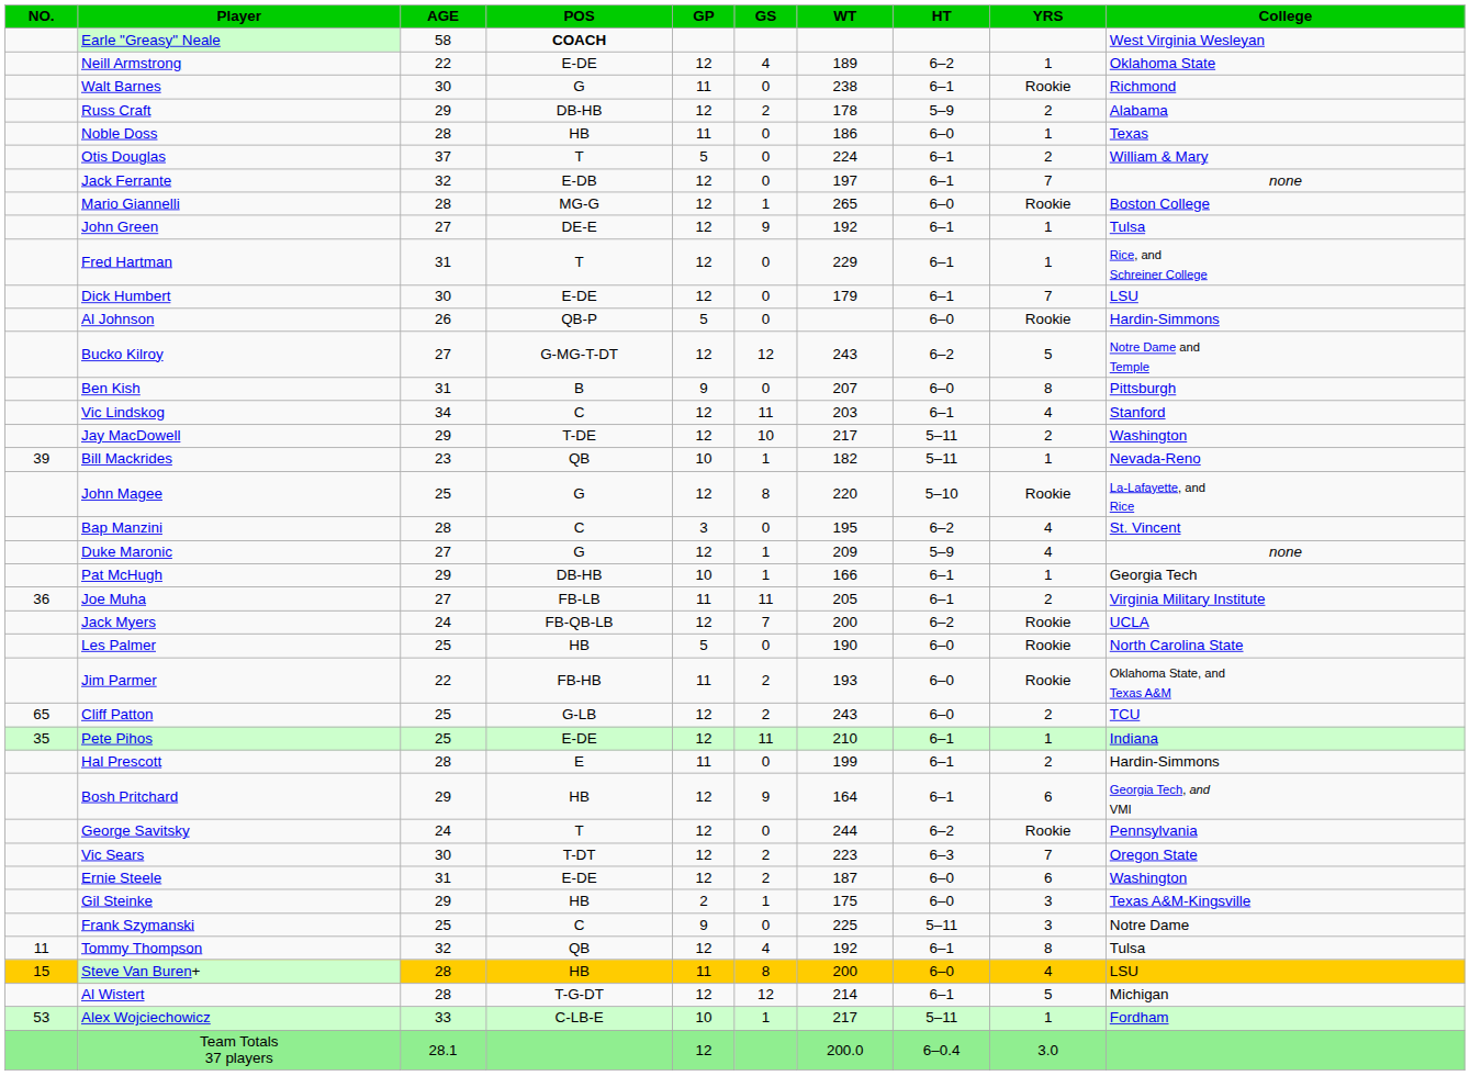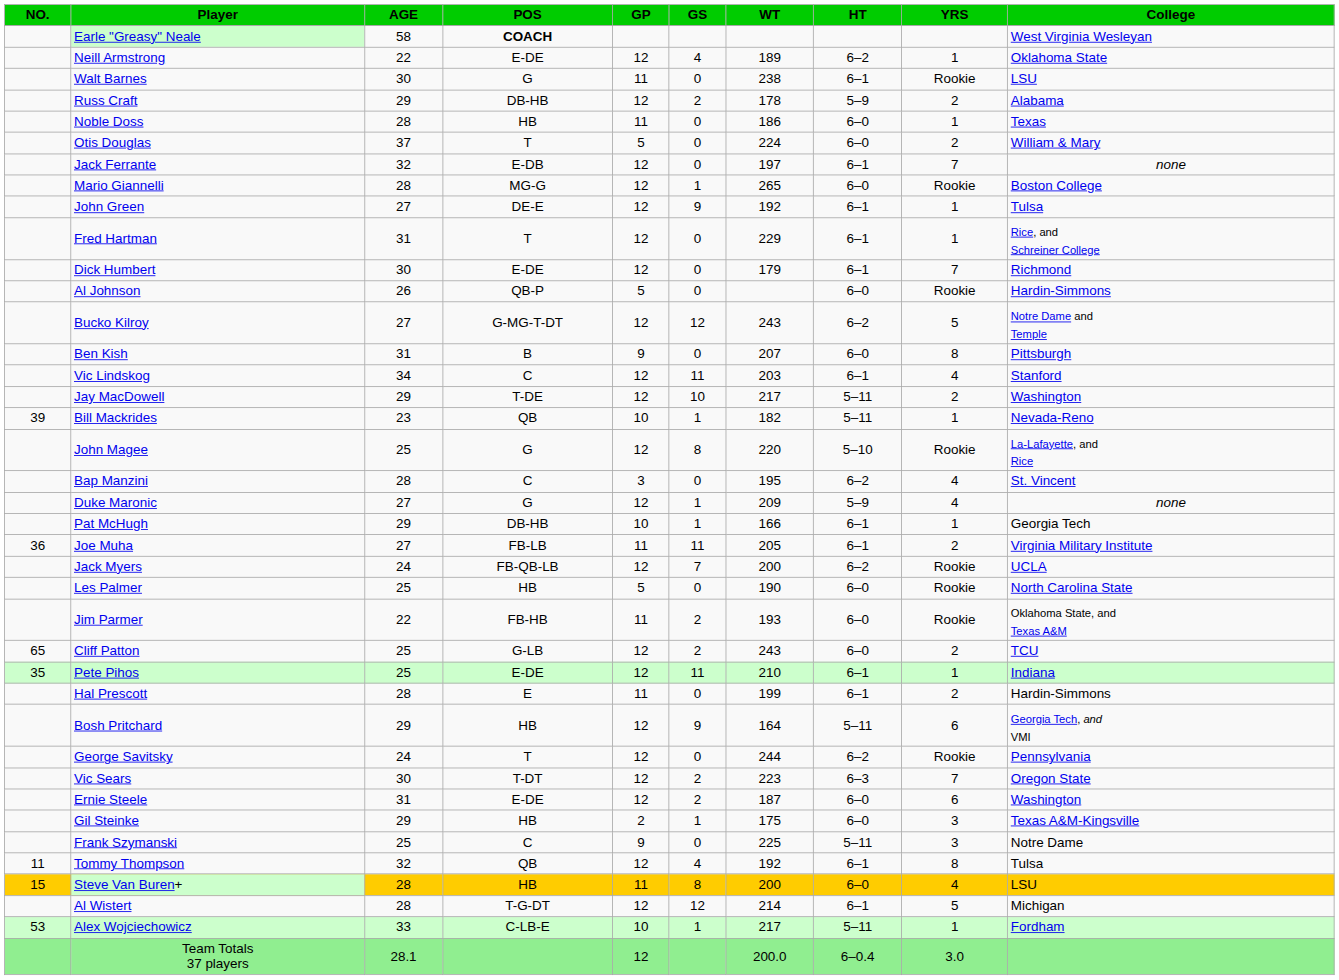 <table class="wikitable sortable sortable" style="width:100%">
 <tr>
 <th style="background:#00cc00;" width=5%>NO.</th>
 <th !width=20% style="background:#00cc00;">Player</th>
 <th !width=4% style="background:#00cc00;">AGE</th>
 <th !width=6% style="background:#00cc00;">POS</th>
 <th !width=2% style="background:#00cc00;">GP</th>
 <th !width=1% style="background:#00cc00;">GS</th>
 <th !width=4% style="background:#00cc00;">WT</th>
 <th !width=4% style="background:#00cc00;">HT</th>
 <th !width=4% style="background:#00cc00;">YRS</th>
 <th !width=20% style="background:#00cc00;">College</th>
 </tr>
 <tr>
 </tr>
 <tr align=center>
 <td></td>
 <td - align=left bgcolor="#CCFFCC"><a href='#'>Earle "Greasy" Neale</a></td>
 <td>58</td>
 <td><strong>COACH</strong></td>
 <td></td>
 <td></td>
 <td></td>
 <td></td>
 <td></td>
 <td - align=left><a href='#'>West Virginia Wesleyan</a></td>
 </tr>
 <tr align=center>
 <td></td>
 <td - align=left><a href='#'>Neill Armstrong</a></td>
 <td>22</td>
 <td>E-DE</td>
 <td>12</td>
 <td>4</td>
 <td>189</td>
 <td>6–2</td>
 <td>1</td>
 <td - align=left><a href='#'>Oklahoma State</a></td>
 </tr>
 <tr align=center>
 <td></td>
 <td - align=left><a href='#'>Walt Barnes</a></td>
 <td>30</td>
 <td>G</td>
 <td>11</td>
 <td>0</td>
 <td>238</td>
 <td>6–1</td>
 <td>Rookie</td>
-<td - align=left><a href='#'>Richmond</a></td>
+<td - align=left><a href='#'>LSU</a></td>
 </tr>
 <tr align=center>
 <td></td>
 <td - align=left><a href='#'>Russ Craft</a></td>
 <td>29</td>
 <td>DB-HB</td>
 <td>12</td>
 <td>2</td>
 <td>178</td>
 <td>5–9</td>
 <td>2</td>
 <td - align=left><a href='#'>Alabama</a></td>
 </tr>
 <tr align=center>
 <td></td>
 <td - align=left><a href='#'>Noble Doss</a></td>
 <td>28</td>
 <td>HB</td>
 <td>11</td>
 <td>0</td>
 <td>186</td>
 <td>6–0</td>
 <td>1</td>
 <td - align=left><a href='#'>Texas</a></td>
 </tr>
 <tr align=center>
 <td></td>
 <td - align=left><a href='#'>Otis Douglas</a></td>
 <td>37</td>
 <td>T</td>
 <td>5</td>
 <td>0</td>
 <td>224</td>
-<td>6–1</td>
+<td>6–0</td>
 <td>2</td>
 <td - align=left><a href='#'>William & Mary</a></td>
 </tr>
 <tr align=center>
 <td></td>
 <td - align=left><a href='#'>Jack Ferrante</a></td>
 <td>32</td>
 <td>E-DB</td>
 <td>12</td>
 <td>0</td>
 <td>197</td>
 <td>6–1</td>
 <td>7</td>
 <td><em>none</em></td>
 </tr>
 <tr align=center>
 <td></td>
 <td - align=left><a href='#'>Mario Giannelli</a></td>
 <td>28</td>
 <td>MG-G</td>
 <td>12</td>
 <td>1</td>
 <td>265</td>
 <td>6–0</td>
 <td>Rookie</td>
 <td - align=left><a href='#'>Boston College</a></td>
 </tr>
 <tr align=center>
 <td></td>
 <td - align=left><a href='#'>John Green</a></td>
 <td>27</td>
 <td>DE-E</td>
 <td>12</td>
 <td>9</td>
 <td>192</td>
 <td>6–1</td>
 <td>1</td>
 <td - align=left><a href='#'>Tulsa</a></td>
 </tr>
 <tr align=center>
 <td></td>
 <td - align=left><a href='#'>Fred Hartman</a></td>
 <td>31</td>
 <td>T</td>
 <td>12</td>
 <td>0</td>
 <td>229</td>
 <td>6–1</td>
 <td>1</td>
 <td - align=left><sub><a href='#'>Rice</a>, and <br> <a href='#'>Schreiner College</a> </sub></td>
 </tr>
 <tr align=center>
 <td></td>
 <td - align=left><a href='#'>Dick Humbert</a></td>
 <td>30</td>
 <td>E-DE</td>
 <td>12</td>
 <td>0</td>
 <td>179</td>
 <td>6–1</td>
 <td>7</td>
-<td - align=left><a href='#'>LSU</a></td>
+<td - align=left><a href='#'>Richmond</a></td>
 </tr>
 <tr align=center>
 <td></td>
 <td - align=left><a href='#'>Al Johnson</a></td>
 <td>26</td>
 <td>QB-P</td>
 <td>5</td>
 <td>0</td>
 <td></td>
 <td>6–0</td>
 <td>Rookie</td>
 <td - align=left><a href='#'>Hardin-Simmons</a></td>
 </tr>
 <tr align=center>
 <td></td>
 <td - align=left><a href='#'>Bucko Kilroy</a></td>
 <td>27</td>
 <td>G-MG-T-DT</td>
 <td>12</td>
 <td>12</td>
 <td>243</td>
 <td>6–2</td>
 <td>5</td>
 <td - align=left><sub> <a href='#'>Notre Dame</a> and <br> <a href='#'>Temple</a> </sub></td>
 </tr>
 <tr align=center>
 <td></td>
 <td - align=left><a href='#'>Ben Kish</a></td>
 <td>31</td>
 <td>B</td>
 <td>9</td>
 <td>0</td>
 <td>207</td>
 <td>6–0</td>
 <td>8</td>
 <td - align=left><a href='#'>Pittsburgh</a></td>
 </tr>
 <tr align=center>
 <td></td>
 <td - align=left><a href='#'>Vic Lindskog</a></td>
 <td>34</td>
 <td>C</td>
 <td>12</td>
 <td>11</td>
 <td>203</td>
 <td>6–1</td>
 <td>4</td>
 <td - align=left><a href='#'>Stanford</a></td>
 </tr>
 <tr align=center>
 <td></td>
 <td - align=left><a href='#'>Jay MacDowell</a></td>
 <td>29</td>
 <td>T-DE</td>
 <td>12</td>
 <td>10</td>
 <td>217</td>
 <td>5–11</td>
 <td>2</td>
 <td - align=left><a href='#'>Washington</a></td>
 </tr>
 <tr align=center>
 <td>39</td>
 <td - align=left><a href='#'>Bill Mackrides</a></td>
 <td>23</td>
 <td>QB</td>
 <td>10</td>
 <td>1</td>
 <td>182</td>
 <td>5–11</td>
 <td>1</td>
 <td - align=left><a href='#'>Nevada-Reno</a></td>
 </tr>
 <tr align=center>
 <td></td>
 <td - align=left><a href='#'>John Magee</a></td>
 <td>25</td>
 <td>G</td>
 <td>12</td>
 <td>8</td>
 <td>220</td>
 <td>5–10</td>
 <td>Rookie</td>
 <td - align=left><sub><a href='#'>La-Lafayette</a>, and <br><a href='#'>Rice</a> </sub></td>
 </tr>
 <tr align=center>
 <td></td>
 <td - align=left><a href='#'>Bap Manzini</a></td>
 <td>28</td>
 <td>C</td>
 <td>3</td>
 <td>0</td>
 <td>195</td>
 <td>6–2</td>
 <td>4</td>
 <td - align=left><a href='#'>St. Vincent</a></td>
 </tr>
 <tr align=center>
 <td></td>
 <td - align=left><a href='#'>Duke Maronic</a></td>
 <td>27</td>
 <td>G</td>
 <td>12</td>
 <td>1</td>
 <td>209</td>
 <td>5–9</td>
 <td>4</td>
 <td><em>none</em></td>
 </tr>
 <tr align=center>
 <td></td>
 <td - align=left><a href='#'>Pat McHugh</a></td>
 <td>29</td>
 <td>DB-HB</td>
 <td>10</td>
 <td>1</td>
 <td>166</td>
 <td>6–1</td>
 <td>1</td>
 <td - align=left>Georgia Tech</td>
 </tr>
 <tr align=center>
 <td>36</td>
 <td - align=left><a href='#'>Joe Muha</a></td>
 <td>27</td>
 <td>FB-LB</td>
 <td>11</td>
 <td>11</td>
 <td>205</td>
 <td>6–1</td>
 <td>2</td>
 <td - align=left><a href='#'>Virginia Military Institute</a></td>
 </tr>
 <tr align=center>
 <td></td>
 <td - align=left><a href='#'>Jack Myers</a></td>
 <td>24</td>
 <td>FB-QB-LB</td>
 <td>12</td>
 <td>7</td>
 <td>200</td>
 <td>6–2</td>
 <td>Rookie</td>
 <td - align=left><a href='#'>UCLA</a></td>
 </tr>
 <tr align=center>
 <td></td>
 <td - align=left><a href='#'>Les Palmer</a></td>
 <td>25</td>
 <td>HB</td>
 <td>5</td>
 <td>0</td>
 <td>190</td>
 <td>6–0</td>
 <td>Rookie</td>
 <td - align=left><a href='#'>North Carolina State</a></td>
 </tr>
 <tr align=center>
 <td></td>
 <td - align=left><a href='#'>Jim Parmer</a></td>
 <td>22</td>
 <td>FB-HB</td>
 <td>11</td>
 <td>2</td>
 <td>193</td>
 <td>6–0</td>
 <td>Rookie</td>
 <td - align=left><sub>Oklahoma State, and <br><a href='#'>Texas A&M</a></sub></td>
 </tr>
 <tr align=center>
 <td>65</td>
 <td - align=left><a href='#'>Cliff Patton</a></td>
 <td>25</td>
 <td>G-LB</td>
 <td>12</td>
 <td>2</td>
 <td>243</td>
 <td>6–0</td>
 <td>2</td>
 <td - align=left><a href='#'>TCU</a></td>
 </tr>
 <tr align=center bgcolor="#CCFFCC">
 <td>35</td>
 <td - align=left><a href='#'>Pete Pihos</a></td>
 <td>25</td>
 <td>E-DE</td>
 <td>12</td>
 <td>11</td>
 <td>210</td>
 <td>6–1</td>
 <td>1</td>
 <td - align=left><a href='#'>Indiana</a></td>
 </tr>
 <tr align=center>
 <td></td>
 <td - align=left><a href='#'>Hal Prescott</a></td>
 <td>28</td>
 <td>E</td>
 <td>11</td>
 <td>0</td>
 <td>199</td>
 <td>6–1</td>
 <td>2</td>
 <td - align=left>Hardin-Simmons</td>
 </tr>
 <tr align=center>
 <td></td>
 <td - align=left><a href='#'>Bosh Pritchard</a></td>
 <td>29</td>
 <td>HB</td>
 <td>12</td>
 <td>9</td>
 <td>164</td>
-<td>6–1</td>
+<td>5–11</td>
 <td>6</td>
 <td - align=left><sub><a href='#'>Georgia Tech</a>, <em>and</em><br>VMI</sub></td>
 </tr>
 <tr align=center>
 <td></td>
 <td - align=left><a href='#'>George Savitsky</a></td>
 <td>24</td>
 <td>T</td>
 <td>12</td>
 <td>0</td>
 <td>244</td>
 <td>6–2</td>
 <td>Rookie</td>
 <td - align=left><a href='#'>Pennsylvania</a></td>
 </tr>
 <tr align=center>
 <td></td>
 <td - align=left><a href='#'>Vic Sears</a></td>
 <td>30</td>
 <td>T-DT</td>
 <td>12</td>
 <td>2</td>
 <td>223</td>
 <td>6–3</td>
 <td>7</td>
 <td - align=left><a href='#'>Oregon State</a></td>
 </tr>
 <tr align=center>
 <td></td>
 <td - align=left><a href='#'>Ernie Steele</a></td>
 <td>31</td>
 <td>E-DE</td>
 <td>12</td>
 <td>2</td>
 <td>187</td>
 <td>6–0</td>
 <td>6</td>
 <td - align=left><a href='#'>Washington</a></td>
 </tr>
 <tr align=center>
 <td></td>
 <td - align=left><a href='#'>Gil Steinke</a></td>
 <td>29</td>
 <td>HB</td>
 <td>2</td>
 <td>1</td>
 <td>175</td>
 <td>6–0</td>
 <td>3</td>
 <td - align=left><a href='#'>Texas A&M-Kingsville</a></td>
 </tr>
 <tr align=center>
 <td></td>
 <td - align=left><a href='#'>Frank Szymanski</a></td>
 <td>25</td>
 <td>C</td>
 <td>9</td>
 <td>0</td>
 <td>225</td>
 <td>5–11</td>
 <td>3</td>
 <td - align=left>Notre Dame</td>
 </tr>
 <tr align=center>
 <td>11</td>
 <td - align=left><a href='#'>Tommy Thompson</a></td>
 <td>32</td>
 <td>QB</td>
 <td>12</td>
 <td>4</td>
 <td>192</td>
 <td>6–1</td>
 <td>8</td>
 <td - align=left>Tulsa</td>
 </tr>
 <tr align=center bgcolor="#FFCC00">
 <td>15</td>
 <td - align=left bgcolor="#CCFFCC"><a href='#'>Steve Van Buren</a>+</td>
 <td>28</td>
 <td>HB</td>
 <td>11</td>
 <td>8</td>
 <td>200</td>
 <td>6–0</td>
 <td>4</td>
 <td - align=left>LSU</td>
 </tr>
 <tr align=center>
 <td></td>
 <td - align=left><a href='#'>Al Wistert</a></td>
 <td>28</td>
 <td>T-G-DT</td>
 <td>12</td>
 <td>12</td>
 <td>214</td>
 <td>6–1</td>
 <td>5</td>
 <td - align=left>Michigan</td>
 </tr>
 <tr align=center bgcolor="#CCFFCC">
 <td>53</td>
 <td - align=left><a href='#'>Alex Wojciechowicz</a></td>
 <td>33</td>
 <td>C-LB-E</td>
 <td>10</td>
 <td>1</td>
 <td>217</td>
 <td>5–11</td>
 <td>1</td>
 <td - align=left><a href='#'>Fordham</a></td>
 </tr>
 <tr align=center  bgcolor="90EE90">
 <td></td>
 <td>Team Totals  <br> 37 players</td>
 <td>28.1</td>
 <td></td>
 <td>12</td>
 <td></td>
 <td>200.0</td>
 <td>6–0.4</td>
 <td>3.0</td>
 <td></td>
 </tr>
 </table>
